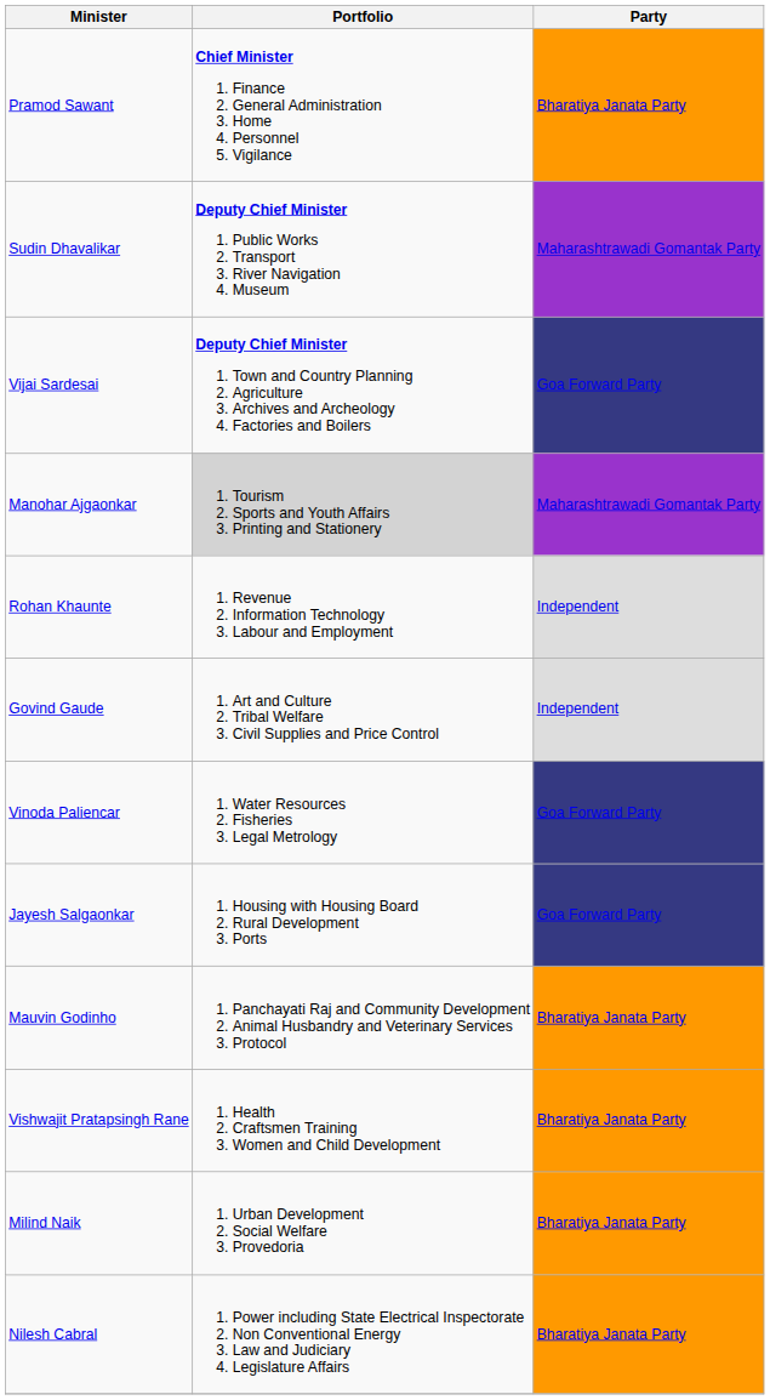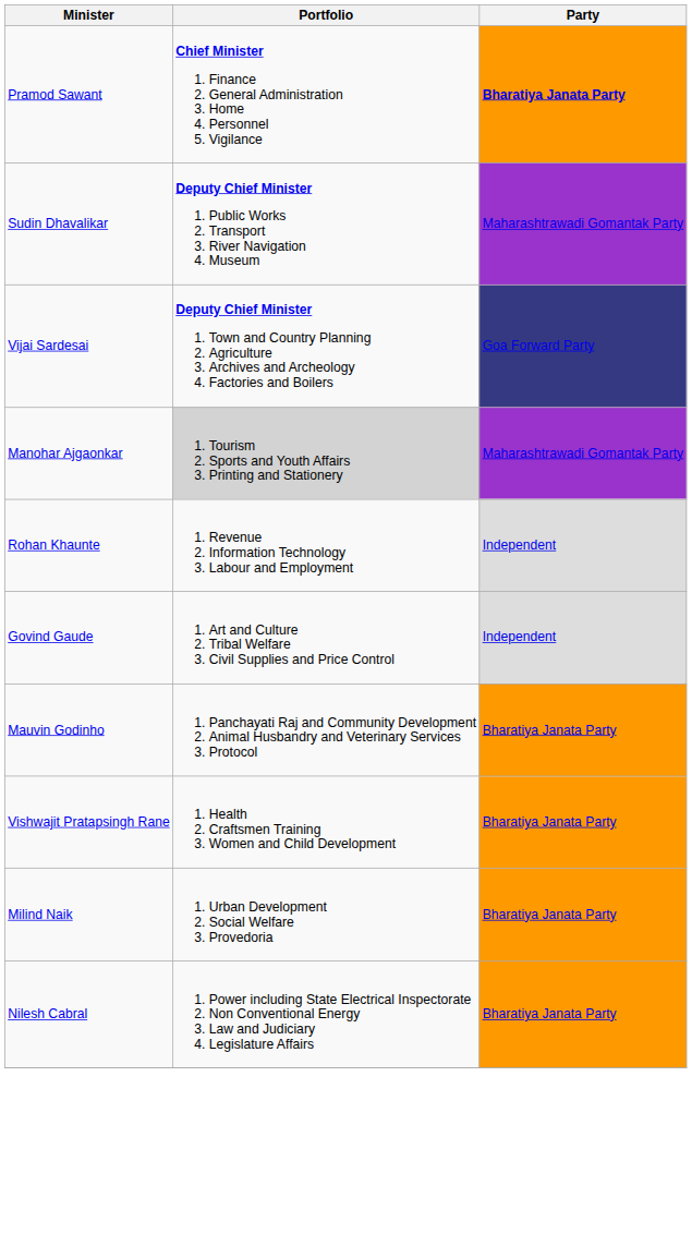 <table class="wikitable sortable">
 <tr>
 <th>Minister</th>
 <th>Portfolio</th>
 <th>Party</th>
 </tr>
 <tr>
 <td><a href='#'>Pramod Sawant</a></td>
 <td><br><strong><a href='#'>Chief Minister</a></strong><ol><li>Finance</li><li>General Administration</li><li>Home</li><li>Personnel</li><li>Vigilance</li></ol></td>
-<td bgcolor=#FF9900><a href='#'>Bharatiya Janata Party</a></td>
+<td bgcolor=#FF9900><strong><a href='#'>Bharatiya Janata Party</a></strong></td>
 </tr>
 <tr>
 <td><a href='#'>Sudin Dhavalikar</a></td>
 <td><br><strong><a href='#'>Deputy Chief Minister</a></strong><ol><li>Public Works</li><li>Transport</li><li>River Navigation</li><li>Museum</li></ol></td>
 <td bgcolor=#9933CC><a href='#'>Maharashtrawadi Gomantak Party</a></td>
 </tr>
 <tr>
 <td><a href='#'>Vijai Sardesai</a></td>
 <td><br><strong><a href='#'>Deputy Chief Minister</a></strong><ol><li>Town and Country Planning</li><li>Agriculture</li><li>Archives and Archeology</li><li>Factories and Boilers</li></ol></td>
 <td bgcolor=#353982><a href='#'>Goa Forward Party</a></td>
 </tr>
 <tr>
 <td><a href='#'>Manohar Ajgaonkar</a></td>
 <td style="background: lightgrey;"><br><ol><li>Tourism</li><li>Sports and Youth Affairs</li><li>Printing and Stationery</li></ol></td>
 <td bgcolor=#9933CC><a href='#'>Maharashtrawadi Gomantak Party</a></td>
 </tr>
 <tr>
 <td><a href='#'>Rohan Khaunte</a></td>
 <td><br><ol><li>Revenue</li><li>Information Technology</li><li>Labour and Employment</li></ol></td>
 <td bgcolor=#DDDDDD><a href='#'>Independent</a></td>
 </tr>
 <tr>
 <td><a href='#'>Govind Gaude</a></td>
 <td><br><ol><li>Art and Culture</li><li>Tribal Welfare</li><li>Civil Supplies and Price Control</li></ol></td>
 <td bgcolor=#DDDDDD><a href='#'>Independent</a></td>
 </tr>
 <tr>
-<td><a href='#'>Vinoda Paliencar</a></td>
-<td><br><ol><li>Water Resources</li><li>Fisheries</li><li>Legal Metrology</li></ol></td>
-<td bgcolor=#353982><a href='#'>Goa Forward Party</a></td>
-</tr>
-<tr>
-<td><a href='#'>Jayesh Salgaonkar</a></td>
-<td><br><ol><li>Housing with Housing Board</li><li>Rural Development</li><li>Ports</li></ol></td>
-<td bgcolor=#353982><a href='#'>Goa Forward Party</a></td>
-</tr>
-<tr>
 <td><a href='#'>Mauvin Godinho</a></td>
 <td><br><ol><li>Panchayati Raj and Community Development</li><li>Animal Husbandry and Veterinary Services</li><li>Protocol</li></ol></td>
 <td bgcolor=#FF9900><a href='#'>Bharatiya Janata Party</a></td>
 </tr>
 <tr>
 <td><a href='#'>Vishwajit Pratapsingh Rane</a></td>
 <td><br><ol><li>Health</li><li>Craftsmen Training</li><li>Women and Child Development</li></ol></td>
 <td bgcolor=#FF9900><a href='#'>Bharatiya Janata Party</a></td>
 </tr>
 <tr>
 <td><a href='#'>Milind Naik</a></td>
 <td><br><ol><li>Urban Development</li><li>Social Welfare</li><li>Provedoria</li></ol></td>
 <td bgcolor=#FF9900><a href='#'>Bharatiya Janata Party</a></td>
 </tr>
 <tr>
 <td><a href='#'>Nilesh Cabral</a></td>
 <td><br><ol><li>Power including State Electrical Inspectorate</li><li>Non Conventional Energy</li><li>Law and Judiciary</li><li>Legislature Affairs</li></ol></td>
 <td bgcolor=#FF9900><a href='#'>Bharatiya Janata Party</a></td>
 </tr>
 <tr>
 </tr>
 </table>
